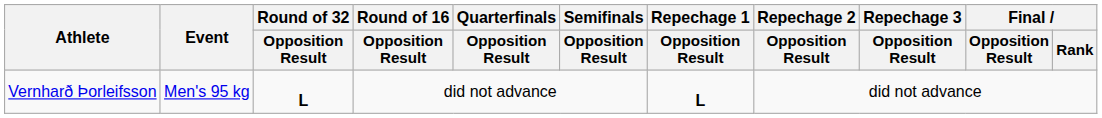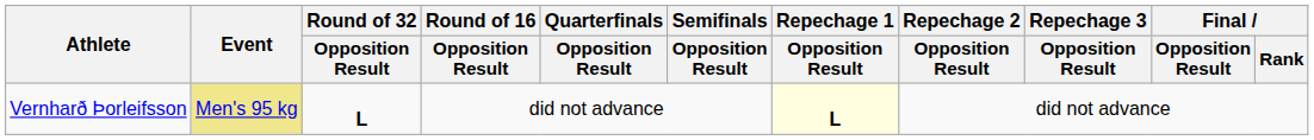 <table class="wikitable" style="font-size:90%">
 <tr>
 <th rowspan="2">Athlete</th>
 <th rowspan="2">Event</th>
 <th>Round of 32</th>
 <th>Round of 16</th>
 <th>Quarterfinals</th>
 <th>Semifinals</th>
 <th>Repechage 1</th>
 <th>Repechage 2</th>
 <th>Repechage 3</th>
 <th colspan=2>Final / </th>
 </tr>
 <tr style="font-size:95%">
 <th>Opposition<br>Result</th>
 <th>Opposition<br>Result</th>
 <th>Opposition<br>Result</th>
 <th>Opposition<br>Result</th>
 <th>Opposition<br>Result</th>
 <th>Opposition<br>Result</th>
 <th>Opposition<br>Result</th>
 <th>Opposition<br>Result</th>
 <th>Rank</th>
 </tr>
 <tr align=center>
 <td align=left><a href='#'>Vernharð Þorleifsson</a></td>
-<td align=left><a href='#'>Men's 95 kg</a></td>
+<td align=left style="background: khaki;"><a href='#'>Men's 95 kg</a></td>
 <td><br><strong>L</strong></td>
 <td colspan=3>did not advance</td>
-<td><br><strong>L</strong></td>
+<td style="background: lightyellow;"><br><strong>L</strong></td>
 <td colspan=4>did not advance</td>
 </tr>
 </table>
